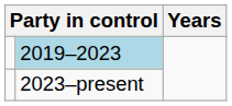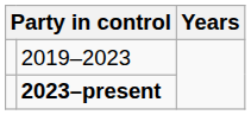 <table class="wikitable">
 <tr>
 <th colspan="2">Party in control</th>
 <th>Years</th>
 </tr>
 <tr>
 <td></td>
-<td style="background: lightblue;">2019–2023</td>
+<td>2019–2023</td>
 </tr>
 <tr>
 <td></td>
-<td>2023–present</td>
+<td><strong>2023–present</strong></td>
 </tr>
 </table>
